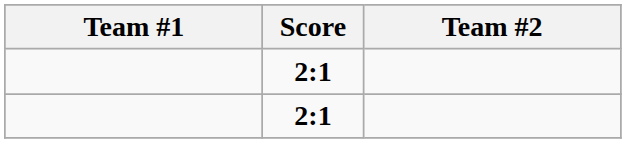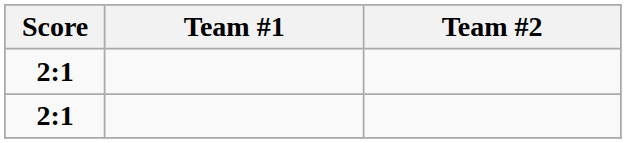 <table class="wikitable" style="text-align:center;">
 <tr>
+<th width=50>Score</th>
 <th width=140>Team #1</th>
-<th width=50>Score</th>
 <th width=140>Team #2</th>
 </tr>
 <tr>
+<td><strong>2:1</strong></td>
 <td style="text-align:right;"></td>
-<td><strong>2:1</strong></td>
 <td style="text-align:left;"></td>
 </tr>
 <tr>
+<td><strong>2:1</strong></td>
 <td style="text-align:right;"></td>
-<td><strong>2:1</strong></td>
 <td style="text-align:left;"></td>
 </tr>
 </table>
